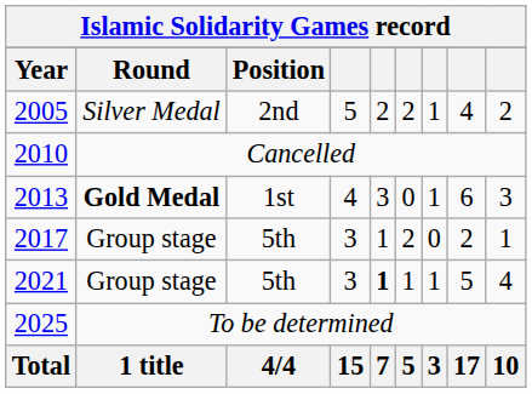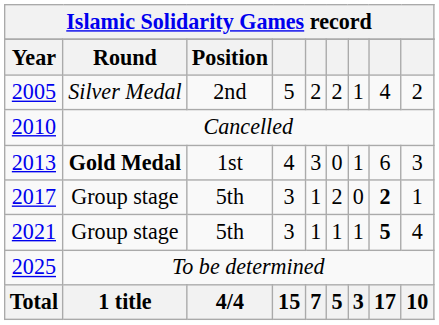 <table class="wikitable" style="text-align: center;">
 <tr>
 <th colspan=9><a href='#'>Islamic Solidarity Games</a> record</th>
 </tr>
 <tr>
 </tr>
 <tr>
 <th>Year</th>
 <th>Round</th>
 <th>Position</th>
 <th></th>
 <th></th>
 <th></th>
 <th></th>
 <th></th>
 <th></th>
 </tr>
 <tr>
 <td> <a href='#'>2005</a></td>
 <td> <em>Silver Medal</em></td>
 <td>2nd</td>
 <td>5</td>
 <td>2</td>
 <td>2</td>
 <td>1</td>
 <td>4</td>
 <td>2</td>
 </tr>
 <tr>
 <td> <a href='#'>2010</a></td>
 <td colspan=8><em>Cancelled</em></td>
 </tr>
 <tr>
 <td> <a href='#'>2013</a></td>
 <td> <strong>Gold Medal</strong></td>
 <td>1st</td>
 <td>4</td>
 <td>3</td>
 <td>0</td>
 <td>1</td>
 <td>6</td>
 <td>3</td>
 </tr>
 <tr>
 <td> <a href='#'>2017</a></td>
 <td>Group stage</td>
 <td>5th</td>
 <td>3</td>
 <td>1</td>
 <td>2</td>
 <td>0</td>
-<td>2</td>
+<td><strong>2</strong></td>
 <td>1</td>
 </tr>
 <tr>
 <td> <a href='#'>2021</a></td>
 <td>Group stage</td>
 <td>5th</td>
 <td>3</td>
-<td><strong>1</strong></td>
 <td>1</td>
 <td>1</td>
-<td>5</td>
+<td>1</td>
+<td><strong>5</strong></td>
 <td>4</td>
 </tr>
 <tr>
 <td> <a href='#'>2025</a></td>
 <td colspan=8><em>To be determined</em></td>
 </tr>
 <tr>
 <th>Total</th>
 <th>1 title</th>
 <th>4/4</th>
 <th>15</th>
 <th>7</th>
 <th>5</th>
 <th>3</th>
 <th>17</th>
 <th>10</th>
 </tr>
 </table>
